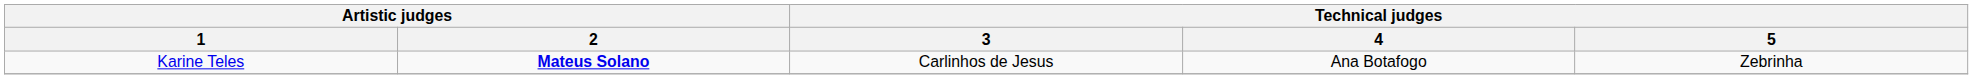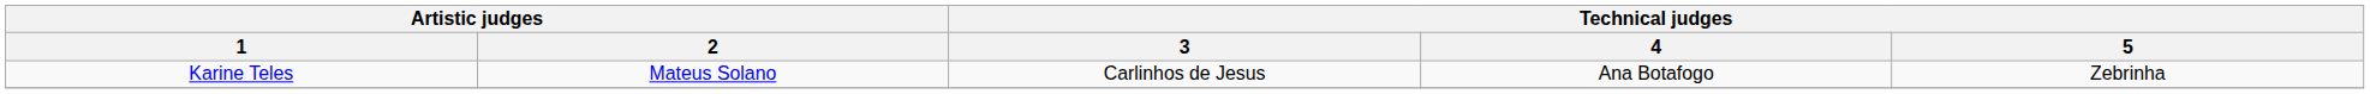 <table class="wikitable" style="font-size:100%; line-height:16px; text-align:center" width="100%">
 <tr>
 <th colspan=2>Artistic judges</th>
 <th colspan=3>Technical judges</th>
 </tr>
 <tr>
 <th width="20.0%">1</th>
 <th width="20.0%">2</th>
 <th width="20.0%">3</th>
 <th width="20.0%">4</th>
 <th width="20.0%">5</th>
 </tr>
 <tr>
 <td><a href='#'>Karine Teles</a></td>
-<td><strong><a href='#'>Mateus Solano</a></strong></td>
+<td><a href='#'>Mateus Solano</a></td>
 <td>Carlinhos de Jesus</td>
 <td>Ana Botafogo</td>
 <td>Zebrinha</td>
 </tr>
 <tr>
 </tr>
 </table>
